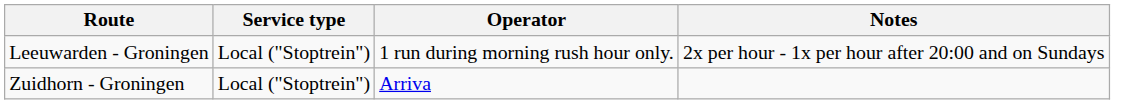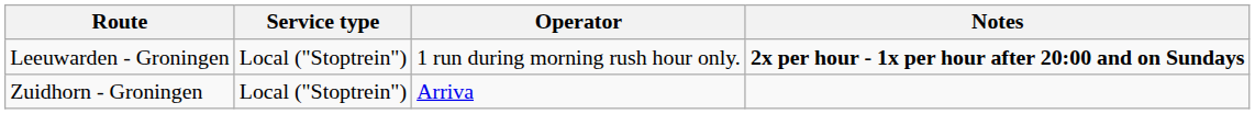 <table class="wikitable">
 <tr>
 <th>Route</th>
 <th>Service type</th>
 <th>Operator</th>
 <th>Notes</th>
 </tr>
 <tr>
 <td>Leeuwarden - Groningen</td>
 <td>Local ("Stoptrein")</td>
 <td>1 run during morning rush hour only.</td>
-<td>2x per hour - 1x per hour after 20:00 and on Sundays</td>
+<td><strong>2x per hour - 1x per hour after 20:00 and on Sundays</strong></td>
 </tr>
 <tr>
 <td>Zuidhorn - Groningen</td>
 <td>Local ("Stoptrein")</td>
 <td><a href='#'>Arriva</a></td>
 </tr>
 </table>
